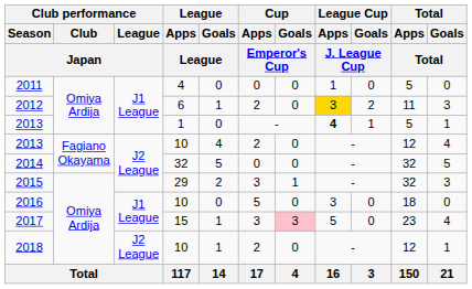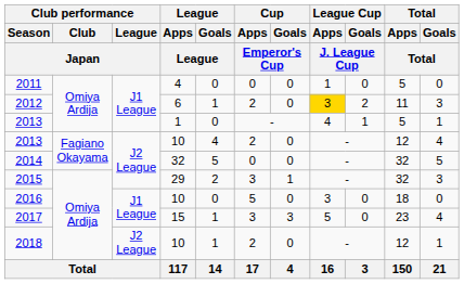 <table class="wikitable" style="text-align:center;">
 <tr>
 <th colspan=3>Club performance</th>
 <th colspan=2>League</th>
 <th colspan=2>Cup</th>
 <th colspan=2>League Cup</th>
 <th colspan=2>Total</th>
 </tr>
 <tr>
 <th>Season</th>
 <th>Club</th>
 <th>League</th>
 <th>Apps</th>
 <th>Goals</th>
 <th>Apps</th>
 <th>Goals</th>
 <th>Apps</th>
 <th>Goals</th>
 <th>Apps</th>
 <th>Goals</th>
 </tr>
 <tr>
 <th colspan=3>Japan</th>
 <th colspan=2>League</th>
 <th colspan=2><a href='#'>Emperor's Cup</a></th>
 <th colspan=2><a href='#'>J. League Cup</a></th>
 <th colspan=2>Total</th>
 </tr>
 <tr>
 <td><a href='#'>2011</a></td>
 <td rowspan="3"><a href='#'>Omiya Ardija</a></td>
 <td rowspan="3"><a href='#'>J1 League</a></td>
 <td>4</td>
 <td>0</td>
 <td>0</td>
 <td>0</td>
 <td>1</td>
 <td>0</td>
 <td>5</td>
 <td>0</td>
 </tr>
 <tr>
 <td><a href='#'>2012</a></td>
 <td>6</td>
 <td>1</td>
 <td>2</td>
 <td>0</td>
 <td style="background: gold;">3</td>
 <td>2</td>
 <td>11</td>
 <td>3</td>
 </tr>
 <tr>
 <td><a href='#'>2013</a></td>
 <td>1</td>
 <td>0</td>
 <td colspan="2">-</td>
-<td><strong>4</strong></td>
+<td>4</td>
 <td>1</td>
 <td>5</td>
 <td>1</td>
 </tr>
 <tr>
 <td><a href='#'>2013</a></td>
 <td rowspan="2"><a href='#'>Fagiano Okayama</a></td>
 <td rowspan="3"><a href='#'>J2 League</a></td>
 <td>10</td>
 <td>4</td>
 <td>2</td>
 <td>0</td>
 <td colspan="2">-</td>
 <td>12</td>
 <td>4</td>
 </tr>
 <tr>
 <td><a href='#'>2014</a></td>
 <td>32</td>
 <td>5</td>
 <td>0</td>
 <td>0</td>
 <td colspan="2">-</td>
 <td>32</td>
 <td>5</td>
 </tr>
 <tr>
 <td><a href='#'>2015</a></td>
 <td rowspan="4"><a href='#'>Omiya Ardija</a></td>
 <td>29</td>
 <td>2</td>
 <td>3</td>
 <td>1</td>
 <td colspan="2">-</td>
 <td>32</td>
 <td>3</td>
 </tr>
 <tr>
 <td><a href='#'>2016</a></td>
 <td rowspan="2"><a href='#'>J1 League</a></td>
 <td>10</td>
 <td>0</td>
 <td>5</td>
 <td>0</td>
 <td>3</td>
 <td>0</td>
 <td>18</td>
 <td>0</td>
 </tr>
 <tr>
 <td><a href='#'>2017</a></td>
 <td>15</td>
 <td>1</td>
 <td>3</td>
-<td style="background: pink;">3</td>
+<td>3</td>
 <td>5</td>
 <td>0</td>
 <td>23</td>
 <td>4</td>
 </tr>
 <tr>
 <td><a href='#'>2018</a></td>
 <td rowspan=1><a href='#'>J2 League</a></td>
 <td>10</td>
 <td>1</td>
 <td>2</td>
 <td>0</td>
 <td colspan="2">-</td>
 <td>12</td>
 <td>1</td>
 </tr>
 <tr>
 <th colspan=3>Total</th>
 <th>117</th>
 <th>14</th>
 <th>17</th>
 <th>4</th>
 <th>16</th>
 <th>3</th>
 <th>150</th>
 <th>21</th>
 </tr>
 </table>
